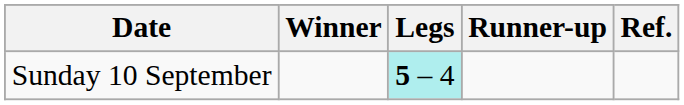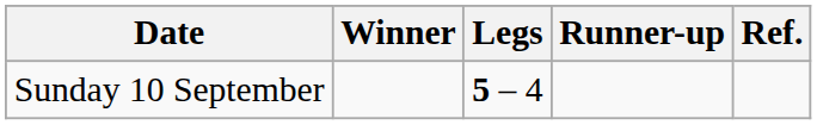 <table class="wikitable">
 <tr>
 <th>Date</th>
 <th>Winner</th>
 <th>Legs</th>
 <th>Runner-up</th>
 <th>Ref.</th>
 </tr>
 <tr>
 <td rowspan=2>Sunday 10 September</td>
 <td align="right"></td>
-<td align="center" style="background: paleturquoise;"><strong>5</strong> – 4</td>
+<td align="center"><strong>5</strong> – 4</td>
 <td></td>
 <td align="center"></td>
 </tr>
 </table>
